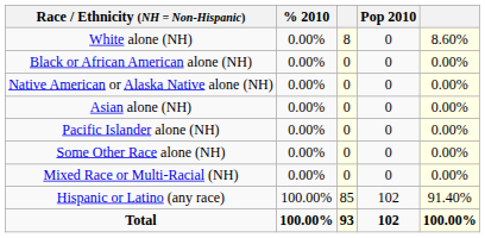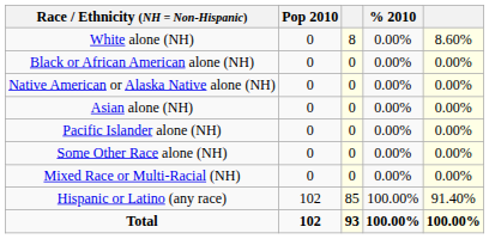 <table class="wikitable" style="text-align:center;">
 <tr>
 <th>Race / Ethnicity <small>(<em>NH = Non-Hispanic</em>)</small></th>
+<th>Pop 2010</th>
+<th></th>
 <th>% 2010</th>
-<th></th>
-<th>Pop 2010</th>
 <th></th>
 </tr>
 <tr>
 <td><a href='#'>White</a> alone (NH)</td>
+<td>0</td>
+<td style='background: #ffffe6;'>8</td>
 <td>0.00%</td>
-<td style='background: #ffffe6;'>8</td>
-<td>0</td>
 <td style='background: #ffffe6;'>8.60%</td>
 </tr>
 <tr>
 <td><a href='#'>Black or African American</a> alone (NH)</td>
+<td>0</td>
+<td style='background: #ffffe6;'>0</td>
 <td>0.00%</td>
-<td style='background: #ffffe6;'>0</td>
-<td>0</td>
 <td style='background: #ffffe6;'>0.00%</td>
 </tr>
 <tr>
 <td><a href='#'>Native American</a> or <a href='#'>Alaska Native</a> alone (NH)</td>
+<td>0</td>
+<td style='background: #ffffe6;'>0</td>
 <td>0.00%</td>
-<td style='background: #ffffe6;'>0</td>
-<td>0</td>
 <td style='background: #ffffe6;'>0.00%</td>
 </tr>
 <tr>
 <td><a href='#'>Asian</a> alone (NH)</td>
+<td>0</td>
+<td style='background: #ffffe6;'>0</td>
 <td>0.00%</td>
-<td style='background: #ffffe6;'>0</td>
-<td>0</td>
 <td style='background: #ffffe6;'>0.00%</td>
 </tr>
 <tr>
 <td><a href='#'>Pacific Islander</a> alone (NH)</td>
+<td>0</td>
+<td style='background: #ffffe6;'>0</td>
 <td>0.00%</td>
-<td style='background: #ffffe6;'>0</td>
-<td>0</td>
 <td style='background: #ffffe6;'>0.00%</td>
 </tr>
 <tr>
 <td><a href='#'>Some Other Race</a> alone (NH)</td>
+<td>0</td>
+<td style='background: #ffffe6;'>0</td>
 <td>0.00%</td>
-<td style='background: #ffffe6;'>0</td>
-<td>0</td>
 <td style='background: #ffffe6;'>0.00%</td>
 </tr>
 <tr>
 <td><a href='#'>Mixed Race or Multi-Racial</a> (NH)</td>
+<td>0</td>
+<td style='background: #ffffe6;'>0</td>
 <td>0.00%</td>
-<td style='background: #ffffe6;'>0</td>
-<td>0</td>
 <td style='background: #ffffe6;'>0.00%</td>
 </tr>
 <tr>
 <td><a href='#'>Hispanic or Latino</a> (any race)</td>
+<td>102</td>
+<td style='background: #ffffe6;'>85</td>
 <td>100.00%</td>
-<td style='background: #ffffe6;'>85</td>
-<td>102</td>
 <td style='background: #ffffe6;'>91.40%</td>
 </tr>
 <tr>
 <td><strong>Total</strong></td>
+<td><strong>102</strong></td>
+<td style='background: #ffffe6;'><strong>93</strong></td>
 <td><strong>100.00%</strong></td>
-<td style='background: #ffffe6;'><strong>93</strong></td>
-<td><strong>102</strong></td>
 <td style='background: #ffffe6;'><strong>100.00%</strong></td>
 </tr>
 </table>
